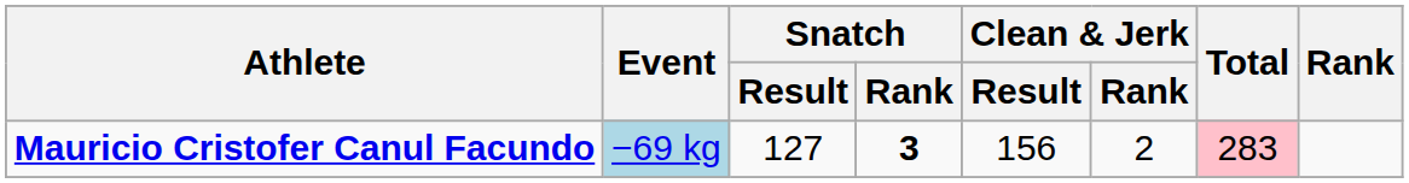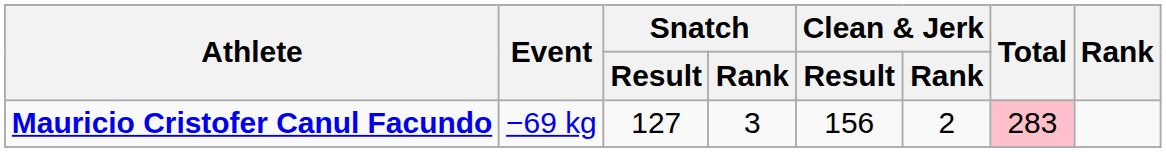 <table class="wikitable">
 <tr>
 <th rowspan="2">Athlete</th>
 <th rowspan="2">Event</th>
 <th colspan="2">Snatch</th>
 <th colspan="2">Clean & Jerk</th>
 <th rowspan="2">Total</th>
 <th rowspan="2">Rank</th>
 </tr>
 <tr>
 <th>Result</th>
 <th>Rank</th>
 <th>Result</th>
 <th>Rank</th>
 </tr>
 <tr align="center">
 <td align="left"><strong><a href='#'>Mauricio Cristofer Canul Facundo</a></strong></td>
-<td align="left" style="background: lightblue;"><a href='#'>−69 kg</a></td>
+<td align="left"><a href='#'>−69 kg</a></td>
 <td>127</td>
-<td><strong>3</strong></td>
+<td>3</td>
 <td>156</td>
 <td>2</td>
 <td style="background: pink;">283</td>
 <td></td>
 </tr>
 </table>
